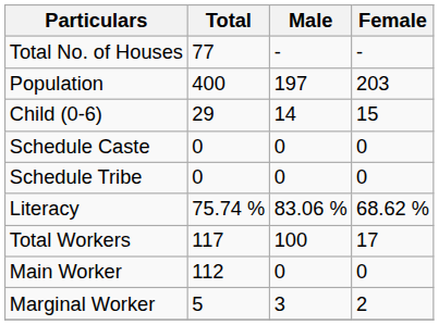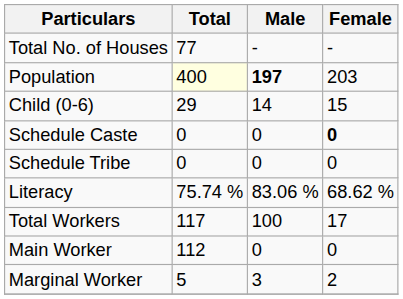 <table class="wikitable sortable">
 <tr>
 <th>Particulars</th>
 <th>Total</th>
 <th>Male</th>
 <th>Female</th>
 </tr>
 <tr>
 <td>Total No. of Houses</td>
 <td>77</td>
 <td>-</td>
 <td>-</td>
 </tr>
 <tr>
 <td>Population</td>
-<td>400</td>
-<td>197</td>
+<td style="background: lightyellow;">400</td>
+<td><strong>197</strong></td>
 <td>203</td>
 </tr>
 <tr>
 <td>Child (0-6)</td>
 <td>29</td>
 <td>14</td>
 <td>15</td>
 </tr>
 <tr>
 <td>Schedule Caste</td>
 <td>0</td>
 <td>0</td>
-<td>0</td>
+<td><strong>0</strong></td>
 </tr>
 <tr>
 <td>Schedule Tribe</td>
 <td>0</td>
 <td>0</td>
 <td>0</td>
 </tr>
 <tr>
 <td>Literacy</td>
 <td>75.74 %</td>
 <td>83.06 %</td>
 <td>68.62 %</td>
 </tr>
 <tr>
 <td>Total Workers</td>
 <td>117</td>
 <td>100</td>
 <td>17</td>
 </tr>
 <tr>
 <td>Main Worker</td>
 <td>112</td>
 <td>0</td>
 <td>0</td>
 </tr>
 <tr>
 <td>Marginal Worker</td>
 <td>5</td>
 <td>3</td>
 <td>2</td>
 </tr>
 <tr>
 </tr>
 </table>
